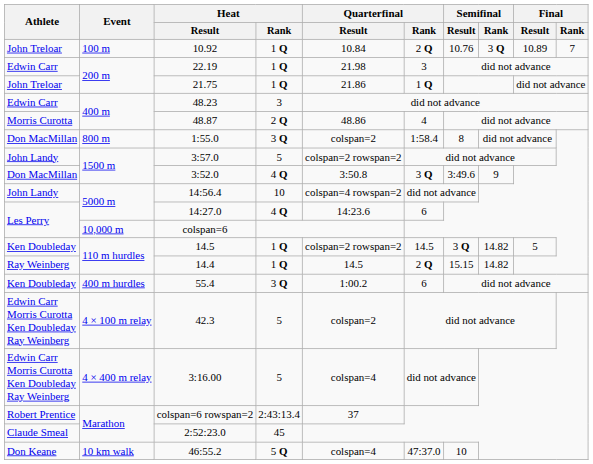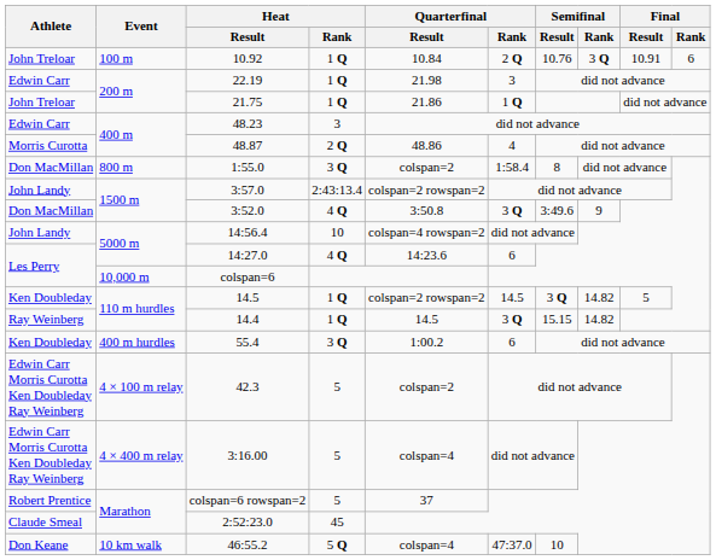 <table class="wikitable" style="font-size:90%">
 <tr>
 <th rowspan=2>Athlete</th>
 <th rowspan=2>Event</th>
 <th colspan=2>Heat</th>
 <th colspan=2>Quarterfinal</th>
 <th colspan=2>Semifinal</th>
 <th colspan=2>Final</th>
 </tr>
 <tr style="font-size:95%">
 <th>Result</th>
 <th>Rank</th>
 <th>Result</th>
 <th>Rank</th>
 <th>Result</th>
 <th>Rank</th>
 <th>Result</th>
 <th>Rank</th>
 </tr>
 <tr align=center>
 <td align=left><a href='#'>John Treloar</a></td>
 <td align=left><a href='#'>100 m</a></td>
 <td>10.92</td>
 <td>1 <strong>Q</strong></td>
 <td>10.84</td>
 <td>2 <strong>Q</strong></td>
 <td>10.76</td>
 <td>3 <strong>Q</strong></td>
-<td>10.89</td>
-<td>7</td>
+<td>10.91</td>
+<td>6</td>
 </tr>
 <tr align=center>
 <td align=left><a href='#'>Edwin Carr</a></td>
 <td align=left rowspan=2><a href='#'>200 m</a></td>
 <td>22.19</td>
 <td>1 <strong>Q</strong></td>
 <td>21.98</td>
 <td>3</td>
 <td colspan=4>did not advance</td>
 </tr>
 <tr align=center>
 <td align=left><a href='#'>John Treloar</a></td>
 <td>21.75</td>
 <td>1 <strong>Q</strong></td>
 <td>21.86</td>
 <td>1 <strong>Q</strong></td>
 <td colspan=2></td>
 <td colspan=2>did not advance</td>
 </tr>
 <tr align=center>
 <td align=left><a href='#'>Edwin Carr</a></td>
 <td align=left rowspan=2><a href='#'>400 m</a></td>
 <td>48.23</td>
 <td>3</td>
 <td colspan=6>did not advance</td>
 </tr>
 <tr align=center>
 <td align=left><a href='#'>Morris Curotta</a></td>
 <td>48.87</td>
 <td>2 <strong>Q</strong></td>
 <td>48.86</td>
 <td>4</td>
 <td colspan=4>did not advance</td>
 </tr>
 <tr align=center>
 <td align=left><a href='#'>Don MacMillan</a></td>
 <td align=left><a href='#'>800 m</a></td>
 <td>1:55.0</td>
 <td>3 <strong>Q</strong></td>
 <td>colspan=2 </td>
 <td>1:58.4</td>
 <td>8</td>
 <td colspan=2>did not advance</td>
 </tr>
 <tr align=center>
 <td align=left><a href='#'>John Landy</a></td>
 <td align=left rowspan=2><a href='#'>1500 m</a></td>
 <td>3:57.0</td>
-<td>5</td>
+<td>2:43:13.4</td>
 <td>colspan=2 rowspan=2 </td>
 <td colspan=4>did not advance</td>
 </tr>
 <tr align=center>
 <td align=left><a href='#'>Don MacMillan</a></td>
 <td>3:52.0</td>
 <td>4 <strong>Q</strong></td>
 <td>3:50.8</td>
 <td>3 <strong>Q</strong></td>
 <td>3:49.6</td>
 <td>9</td>
 </tr>
 <tr align=center>
 <td align=left><a href='#'>John Landy</a></td>
 <td align=left rowspan=2><a href='#'>5000 m</a></td>
 <td>14:56.4</td>
 <td>10</td>
 <td>colspan=4 rowspan=2 </td>
 <td colspan=2>did not advance</td>
 </tr>
 <tr align=center>
 <td align=left rowspan=2><a href='#'>Les Perry</a></td>
 <td>14:27.0</td>
 <td>4 <strong>Q</strong></td>
 <td>14:23.6</td>
 <td>6</td>
 </tr>
 <tr align=center>
 <td align=left><a href='#'>10,000 m</a></td>
 <td>colspan=6 </td>
 <td colspan=2></td>
 </tr>
 <tr align=center>
 <td align=left><a href='#'>Ken Doubleday</a></td>
 <td align=left rowspan=2><a href='#'>110 m hurdles</a></td>
 <td>14.5</td>
 <td>1 <strong>Q</strong></td>
 <td>colspan=2 rowspan=2 </td>
 <td>14.5</td>
 <td>3 <strong>Q</strong></td>
 <td>14.82</td>
 <td>5</td>
 </tr>
 <tr align=center>
 <td align=left><a href='#'>Ray Weinberg</a></td>
 <td>14.4</td>
 <td>1 <strong>Q</strong></td>
 <td>14.5</td>
-<td>2 <strong>Q</strong></td>
+<td>3 <strong>Q</strong></td>
 <td>15.15</td>
 <td>14.82</td>
 </tr>
 <tr align=center>
 <td align=left><a href='#'>Ken Doubleday</a></td>
 <td align=left><a href='#'>400 m hurdles</a></td>
 <td>55.4</td>
 <td>3 <strong>Q</strong></td>
 <td>1:00.2</td>
 <td>6</td>
 <td colspan=4>did not advance</td>
 </tr>
 <tr align=center>
 <td align=left><a href='#'>Edwin Carr</a><br><a href='#'>Morris Curotta</a><br><a href='#'>Ken Doubleday</a><br><a href='#'>Ray Weinberg</a></td>
 <td align=left><a href='#'>4 × 100 m relay</a></td>
 <td>42.3</td>
 <td>5</td>
 <td>colspan=2 </td>
 <td colspan=4>did not advance</td>
 </tr>
 <tr align=center>
 <td align=left><a href='#'>Edwin Carr</a><br><a href='#'>Morris Curotta</a><br><a href='#'>Ken Doubleday</a><br><a href='#'>Ray Weinberg</a></td>
 <td align=left><a href='#'>4 × 400 m relay</a></td>
 <td>3:16.00</td>
 <td>5</td>
 <td>colspan=4 </td>
 <td colspan=2>did not advance</td>
 </tr>
 <tr align=center>
 <td align=left><a href='#'>Robert Prentice</a></td>
 <td align=left rowspan=2><a href='#'>Marathon</a></td>
 <td>colspan=6 rowspan=2 </td>
-<td>2:43:13.4</td>
+<td>5</td>
 <td>37</td>
 </tr>
 <tr align=center>
 <td align=left><a href='#'>Claude Smeal</a></td>
 <td>2:52:23.0</td>
 <td>45</td>
 </tr>
 <tr align=center>
 <td align=left><a href='#'>Don Keane</a></td>
 <td align=left><a href='#'>10 km walk</a></td>
 <td>46:55.2</td>
 <td>5 <strong>Q</strong></td>
 <td>colspan=4 </td>
 <td>47:37.0</td>
 <td>10</td>
 </tr>
 </table>
